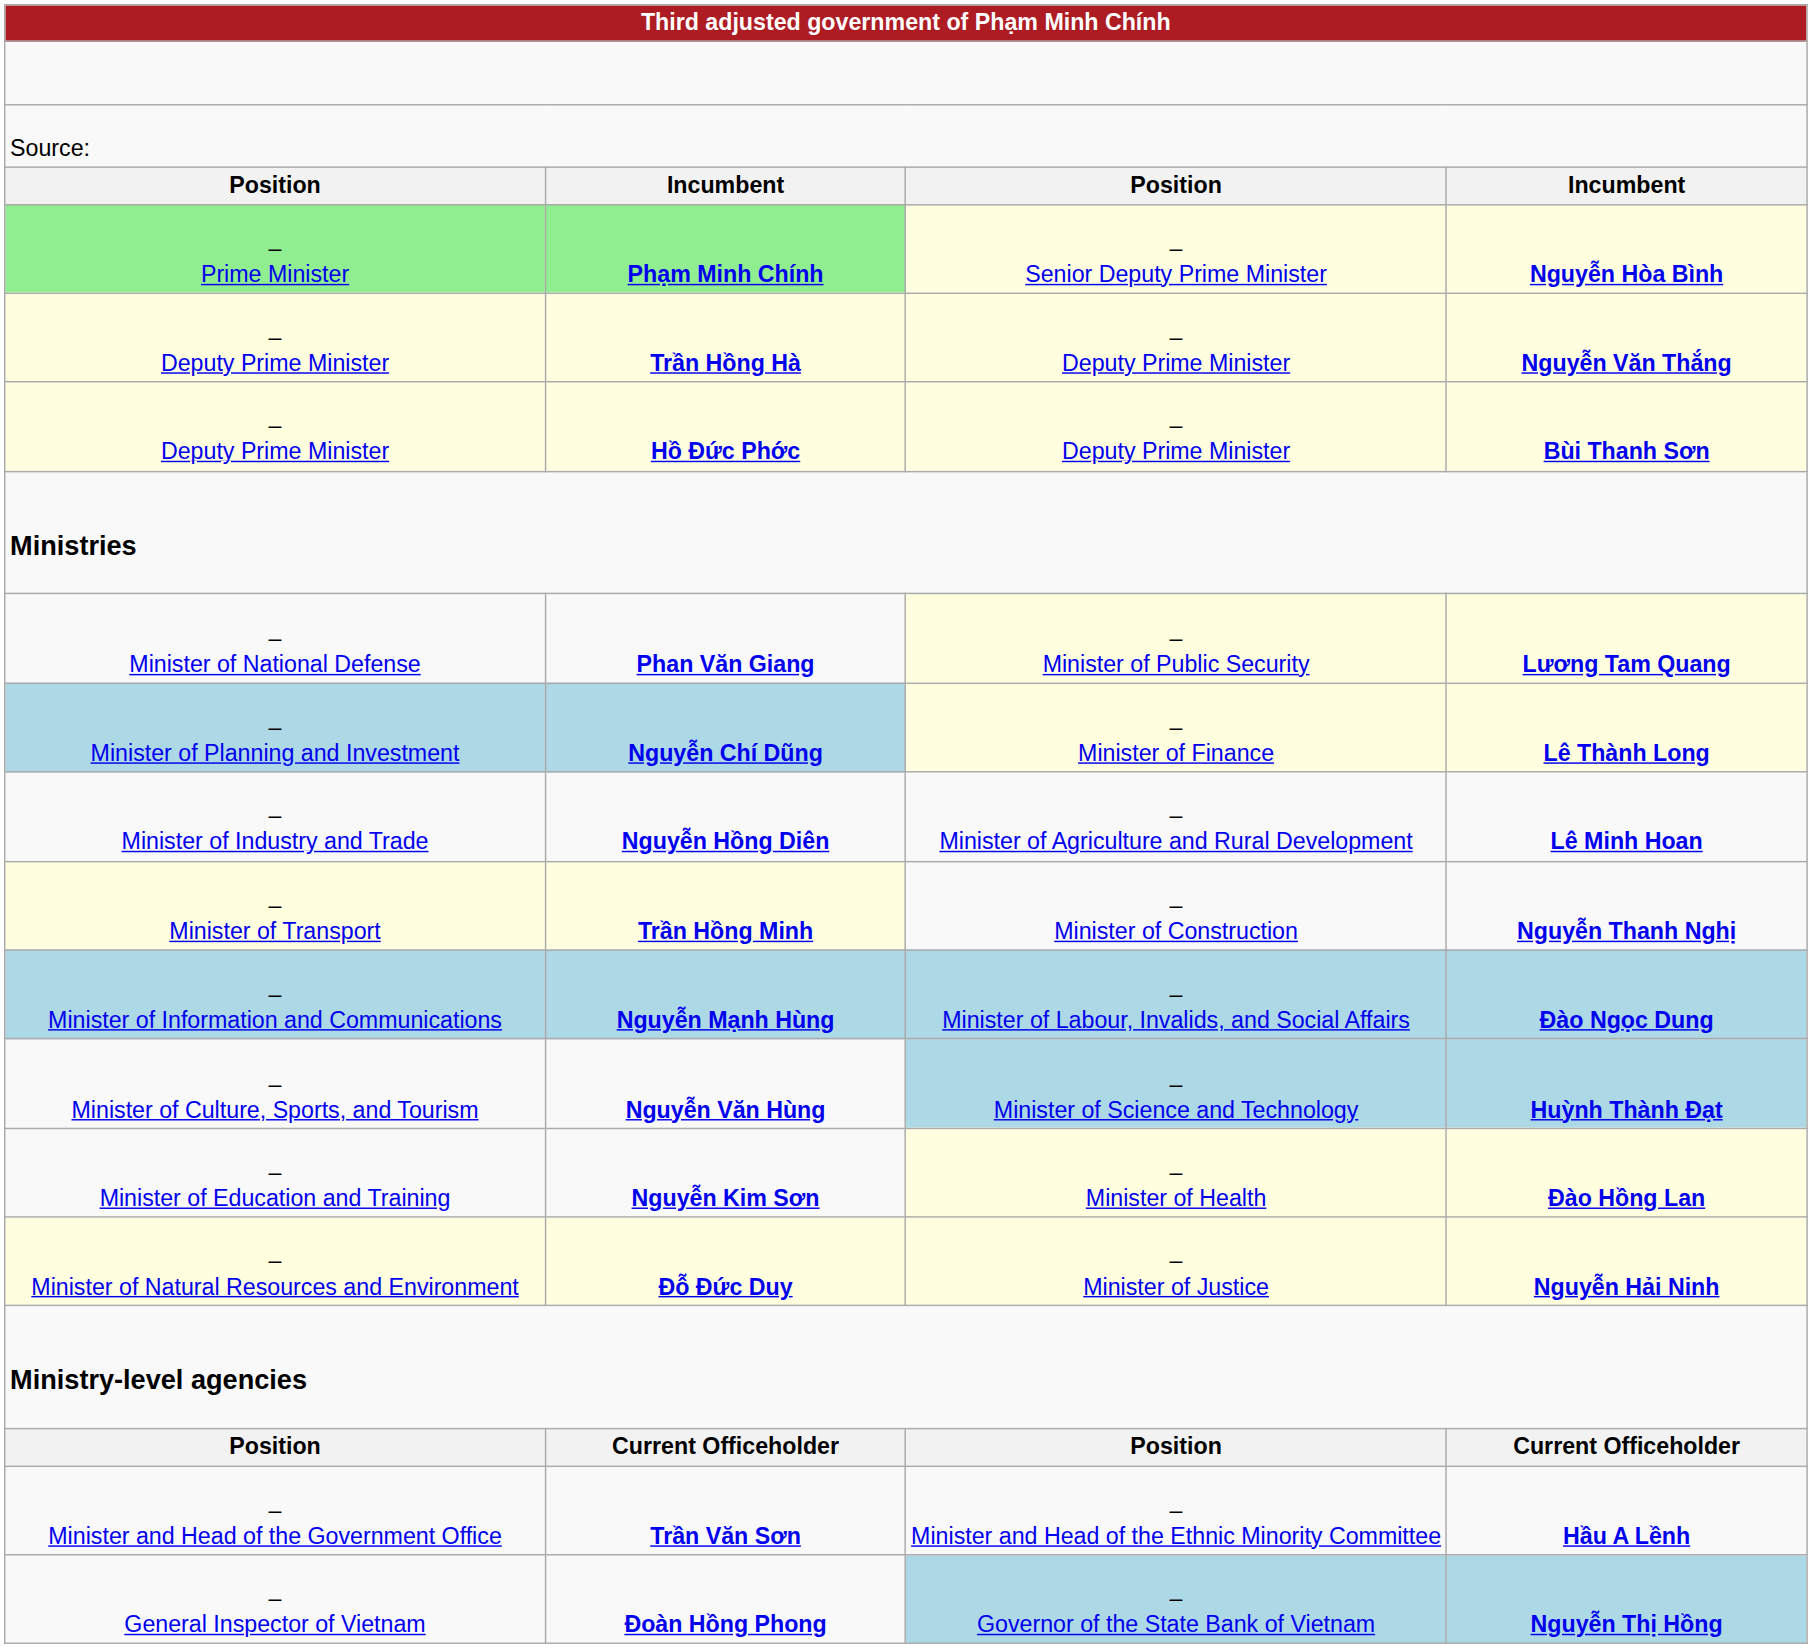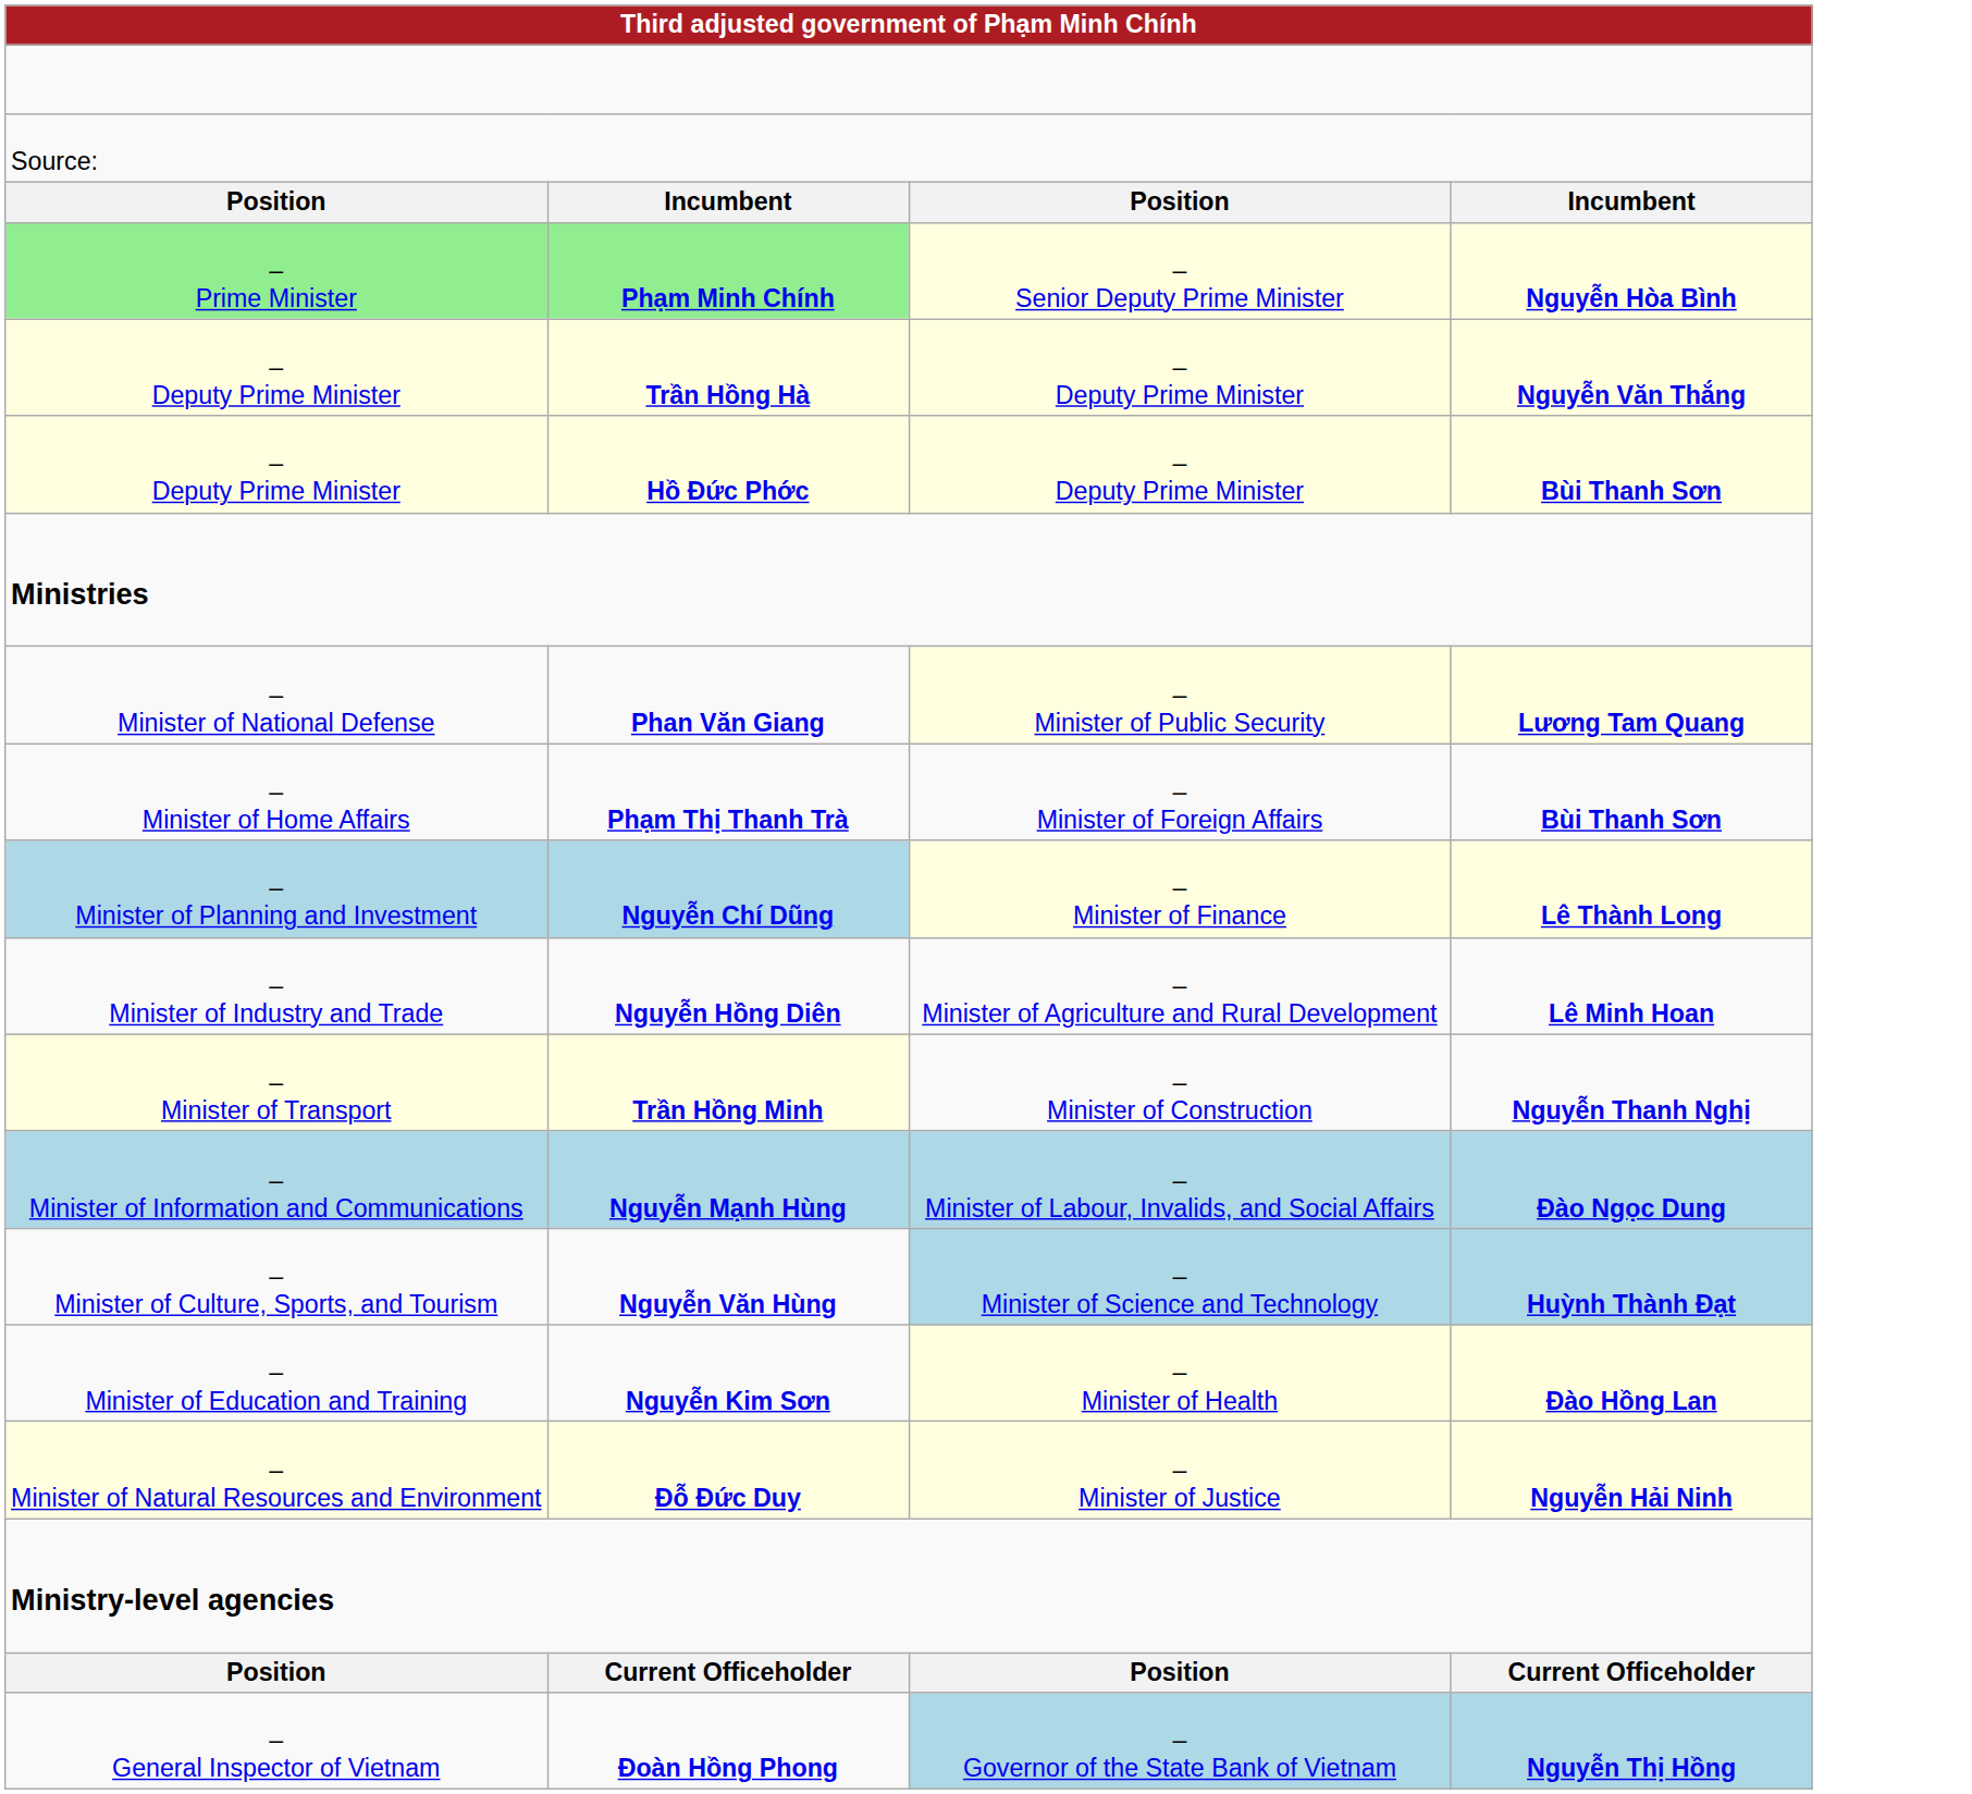 <table class="wikitable" style="text-align:center">
 <tr>
 <th colspan="4" style="text-align:center; font-size:100%; color:white; background:#AE1C23;">Third adjusted government of Phạm Minh Chính</th>
 </tr>
 <tr>
 <td colspan="4" style="text-align:left"><br> <br></td>
 </tr>
 <tr>
 <td colspan="4" style="text-align:left"><br>Source:</td>
 </tr>
 <tr>
 <th scope="col" style="width: 30%;">Position<br></th>
 <th scope="col" style="width: 20%;">Incumbent</th>
 <th scope="col" style="width: 30%;">Position<br></th>
 <th scope="col" style="width: 20%;">Incumbent</th>
 </tr>
 <tr>
 <td style="background: #90EE90;"><br>–<br><a href='#'>Prime Minister</a><br></td>
 <td style="background: #90EE90;"><br><br><strong><a href='#'>Phạm Minh Chính</a></strong><br></td>
 <td style="background:LightYellow;"><br>–<br><a href='#'>Senior Deputy Prime Minister</a><br></td>
 <td style="background:LightYellow;"> <br>  <br> <strong><a href='#'>Nguyễn Hòa Bình</a></strong> <br> </td>
 </tr>
 <tr>
 <td style="background:LightYellow;"><br>–<br><a href='#'>Deputy Prime Minister</a><br></td>
 <td style="background:LightYellow;"><br><br> <strong><a href='#'>Trần Hồng Hà</a></strong><br></td>
 <td style="background:LightYellow;"><br>–<br><a href='#'>Deputy Prime Minister</a><br></td>
 <td style="background:LightYellow;"><br><br><strong><a href='#'>Nguyễn Văn Thắng</a></strong><br></td>
 </tr>
 <tr>
 <td style="background:LightYellow;"><br>–<br><a href='#'>Deputy Prime Minister</a><br></td>
 <td style="background:LightYellow;"><br><br><strong><a href='#'>Hồ Đức Phớc</a></strong><br></td>
 <td style="background:LightYellow;"><br>–<br><a href='#'>Deputy Prime Minister</a><br></td>
 <td style="background:LightYellow;"><br><br><strong><a href='#'>Bùi Thanh Sơn</a></strong><br></td>
 </tr>
 <tr>
 <td colspan="4" style="text-align:left"><br><h3>Ministries</h3></td>
 </tr>
 <tr>
 <td><br>–<br><a href='#'>Minister of National Defense</a><br></td>
 <td><br><br><strong><a href='#'>Phan Văn Giang</a></strong><br></td>
 <td style="background:LightYellow;"><br>–<br><a href='#'>Minister of Public Security</a><br></td>
 <td style="background:LightYellow;"><br><br><strong><a href='#'>Lương Tam Quang</a></strong><br></td>
+</tr>
+<tr>
+<td><br>–<br><a href='#'>Minister of Home Affairs</a><br></td>
+<td><br><br><strong><a href='#'>Phạm Thị Thanh Trà</a></strong><br></td>
+<td><br>–<br><a href='#'>Minister of Foreign Affairs</a><br></td>
+<td><br><br><strong><a href='#'>Bùi Thanh Sơn</a></strong><br></td>
 </tr>
 <tr>
 <td style="background:lightblue;"><br>–<br><a href='#'>Minister of Planning and Investment</a><br></td>
 <td style="background:lightblue;"><br><br><strong><a href='#'>Nguyễn Chí Dũng</a></strong><br></td>
 <td style="background:LightYellow;"><br>–<br><a href='#'>Minister of Finance</a><br></td>
 <td style="background:LightYellow;"><br><br><strong><a href='#'>Lê Thành Long</a></strong><br></td>
 </tr>
 <tr>
 <td><br>–<br><a href='#'>Minister of Industry and Trade</a><br></td>
 <td><br><br><strong><a href='#'>Nguyễn Hồng Diên</a></strong><br></td>
 <td><br>–<br><a href='#'>Minister of Agriculture and Rural Development</a><br></td>
 <td><br><br><strong><a href='#'>Lê Minh Hoan</a></strong><br></td>
 </tr>
 <tr>
 <td style="background:LightYellow;"><br>–<br><a href='#'>Minister of Transport</a><br></td>
 <td style="background:LightYellow;"><br><br><strong><a href='#'>Trần Hồng Minh</a></strong><br></td>
 <td><br>–<br><a href='#'>Minister of Construction</a><br></td>
 <td><br><br><strong><a href='#'>Nguyễn Thanh Nghị</a></strong><br></td>
 </tr>
 <tr>
 <td style="background:lightblue;"><br>–<br><a href='#'>Minister of Information and Communications</a><br></td>
 <td style="background:lightblue;"><br><br><strong><a href='#'>Nguyễn Mạnh Hùng</a></strong><br></td>
 <td style="background:lightblue;"><br>–<br><a href='#'>Minister of Labour, Invalids, and Social Affairs</a><br></td>
 <td style="background:lightblue;"><br><br><strong><a href='#'>Đào Ngọc Dung</a></strong><br></td>
 </tr>
 <tr>
 <td><br>–<br><a href='#'>Minister of Culture, Sports, and Tourism</a><br></td>
 <td><br><br><strong><a href='#'>Nguyễn Văn Hùng</a></strong><br></td>
 <td style="background:lightblue;"><br>–<br><a href='#'>Minister of Science and Technology</a><br></td>
 <td style="background:lightblue;"><br><br><strong><a href='#'>Huỳnh Thành Đạt</a></strong><br></td>
 </tr>
 <tr>
 <td><br>–<br><a href='#'>Minister of Education and Training</a><br></td>
 <td><br><br><strong><a href='#'>Nguyễn Kim Sơn</a></strong><br></td>
 <td style="background:LightYellow;"><br>–<br><a href='#'>Minister of Health</a><br></td>
 <td style="background:LightYellow;"><br><br><strong><a href='#'>Đào Hồng Lan</a></strong><br></td>
 </tr>
 <tr>
 <td style="background:LightYellow;"><br>–<br><a href='#'>Minister of Natural Resources and Environment</a><br></td>
 <td style="background:LightYellow;"><br><br><strong><a href='#'>Đỗ Đức Duy</a></strong><br></td>
 <td style="background:LightYellow;"><br>–<br><a href='#'>Minister of Justice</a><br></td>
 <td style="background:LightYellow;"><br><br><strong><a href='#'>Nguyễn Hải Ninh</a></strong><br></td>
 </tr>
 <tr>
 <td colspan="4" style="text-align:left"><br><h3>Ministry-level agencies</h3></td>
 </tr>
 <tr>
 <th>Position<br></th>
 <th>Current Officeholder</th>
 <th>Position<br></th>
 <th>Current Officeholder</th>
 </tr>
 <tr>
-<td> <br>–<br> <a href='#'>Minister and Head of the Government Office</a> <br> </td>
-<td> <br>  <br> <strong><a href='#'>Trần Văn Sơn</a></strong> <br> </td>
-<td> <br>–<br> <a href='#'>Minister and Head of the Ethnic Minority Committee</a> <br></td>
-<td><br>  <br> <strong><a href='#'>Hầu A Lềnh</a></strong> <br> </td>
-</tr>
-<tr>
 <td> <br>–<br> <a href='#'>General Inspector of Vietnam</a><br> </td>
 <td> <br>  <br>  <strong><a href='#'>Đoàn Hồng Phong</a></strong> <br> </td>
 <td style="background:lightblue;"><br>–<br> <a href='#'>Governor of the State Bank of Vietnam</a> <br> </td>
 <td style="background:lightblue;"><br>  <br> <strong><a href='#'>Nguyễn Thị Hồng</a></strong> <br> </td>
 </tr>
 </table>
